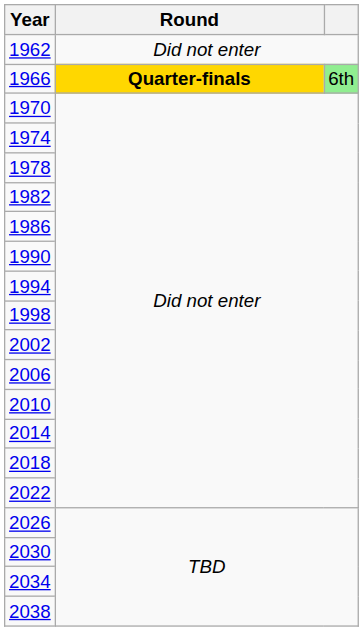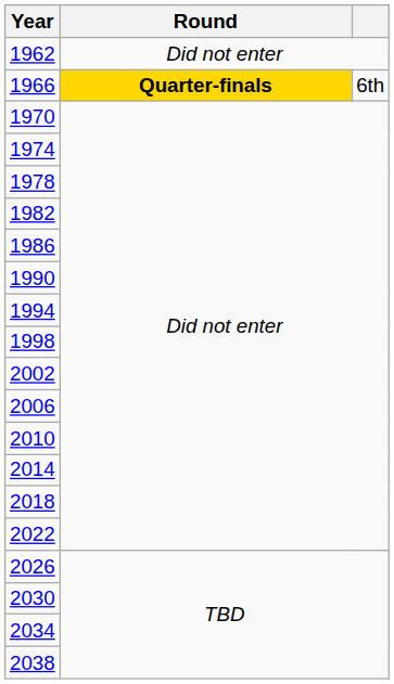 <table class="wikitable" style="text-align: center; font-size:90%">
 <tr>
 <th>Year</th>
 <th style="width:200px">Round</th>
 <th></th>
 </tr>
 <tr>
 <td><a href='#'>1962</a></td>
 <td colspan="2"><em>Did not enter</em></td>
 </tr>
 <tr>
 <td><a href='#'>1966</a></td>
 <td style="background: gold;"><strong>Quarter-finals</strong></td>
-<td style="background: lightgreen;">6th</td>
+<td>6th</td>
 </tr>
 <tr>
 <td><a href='#'>1970</a></td>
 <td colspan="2" rowspan="14"><em>Did not enter</em></td>
 </tr>
 <tr>
 <td><a href='#'>1974</a></td>
 </tr>
 <tr>
 <td><a href='#'>1978</a></td>
 </tr>
 <tr>
 <td><a href='#'>1982</a></td>
 </tr>
 <tr>
 <td><a href='#'>1986</a></td>
 </tr>
 <tr>
 <td><a href='#'>1990</a></td>
 </tr>
 <tr>
 <td><a href='#'>1994</a></td>
 </tr>
 <tr>
 <td><a href='#'>1998</a></td>
 </tr>
 <tr>
 <td><a href='#'>2002</a></td>
 </tr>
 <tr>
 <td><a href='#'>2006</a></td>
 </tr>
 <tr>
 <td><a href='#'>2010</a></td>
 </tr>
 <tr>
 <td><a href='#'>2014</a></td>
 </tr>
 <tr>
 <td><a href='#'>2018</a></td>
 </tr>
 <tr>
 <td><a href='#'>2022</a></td>
 </tr>
 <tr>
 <td><a href='#'>2026</a></td>
 <td colspan="2" rowspan="4"><em>TBD</em></td>
 </tr>
 <tr>
 <td><a href='#'>2030</a></td>
 </tr>
 <tr>
 <td><a href='#'>2034</a></td>
 </tr>
 <tr>
 <td><a href='#'>2038</a></td>
 </tr>
 </table>
